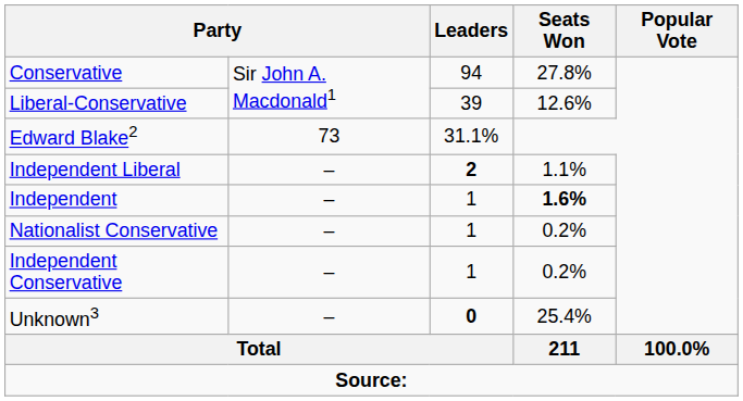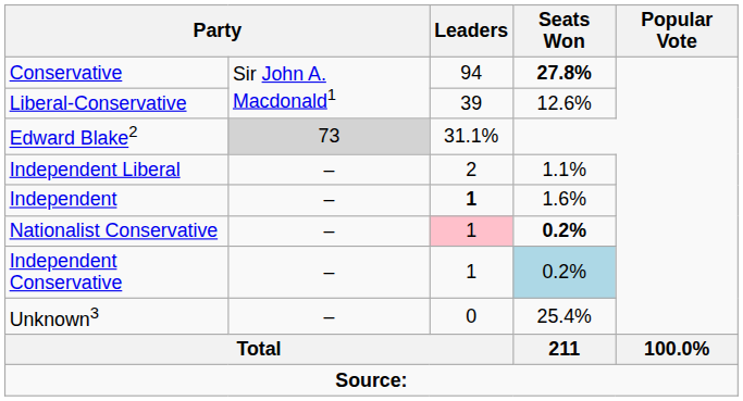 <table class="wikitable">
 <tr>
 <th colspan="2">Party</th>
 <th>Leaders</th>
 <th>Seats Won</th>
 <th>Popular Vote</th>
 </tr>
 <tr>
 <td><a href='#'>Conservative</a></td>
 <td rowspan=2>Sir <a href='#'>John A. Macdonald</a><sup>1</sup></td>
 <td align=center>94</td>
-<td align=center>27.8%</td>
+<td align=center><strong>27.8%</strong></td>
 </tr>
 <tr>
 <td><a href='#'>Liberal-Conservative</a></td>
 <td align=center>39</td>
 <td align=center>12.6%</td>
 </tr>
 <tr>
 <td><a href='#'>Edward Blake</a><sup>2</sup></td>
-<td align=center>73</td>
+<td align=center style="background: lightgrey;">73</td>
 <td align=center>31.1%</td>
 </tr>
 <tr>
 <td><a href='#'>Independent Liberal</a></td>
 <td align=center>–</td>
-<td align=center><strong>2</strong></td>
+<td align=center>2</td>
 <td align=center>1.1%</td>
 </tr>
 <tr>
 <td><a href='#'>Independent</a></td>
 <td align=center>–</td>
-<td align=center>1</td>
-<td align=center><strong>1.6%</strong></td>
+<td align=center><strong>1</strong></td>
+<td align=center>1.6%</td>
 </tr>
 <tr>
 <td><a href='#'>Nationalist Conservative</a></td>
 <td align=center>–</td>
-<td align=center>1</td>
-<td align=center>0.2%</td>
+<td align=center style="background: pink;">1</td>
+<td align=center><strong>0.2%</strong></td>
 </tr>
 <tr>
 <td><a href='#'>Independent Conservative</a></td>
 <td align=center>–</td>
 <td align=center>1</td>
-<td align=center>0.2%</td>
+<td align=center style="background: lightblue;">0.2%</td>
 </tr>
 <tr>
 <td>Unknown<sup>3</sup></td>
 <td align=center>–</td>
-<td align=center><strong>0</strong></td>
+<td align=center>0</td>
 <td align=center>25.4%</td>
 </tr>
 <tr>
 <th colspan=3 align=left>Total</th>
 <th align=right>211</th>
 <th align=right>100.0%</th>
 </tr>
 <tr>
 <td align="center" colspan=5><strong>Source:</strong>  </td>
 </tr>
 </table>
